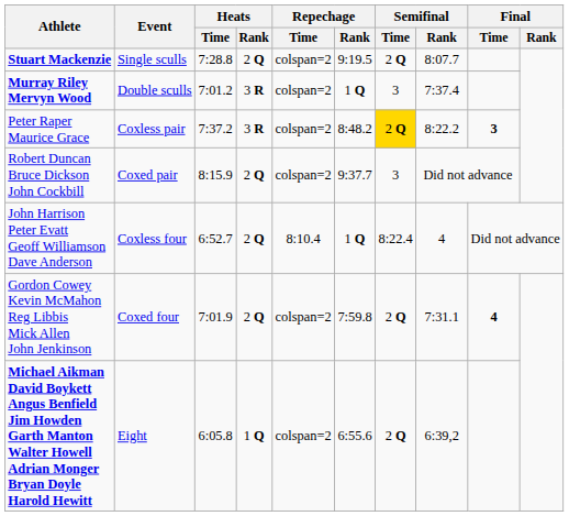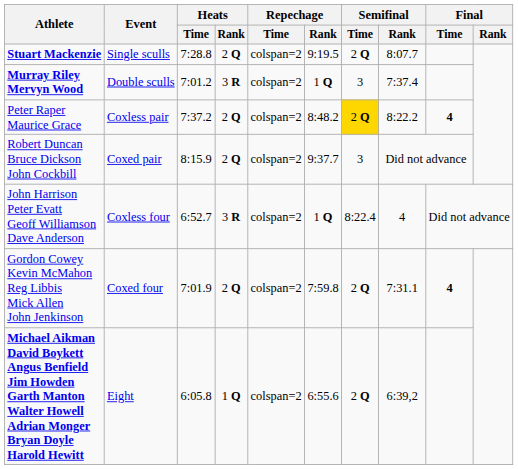 <table class="wikitable" style="font-size:90%">
 <tr>
 <th rowspan="2">Athlete</th>
 <th rowspan="2">Event</th>
 <th colspan="2">Heats</th>
 <th colspan="2">Repechage</th>
 <th colspan="2">Semifinal</th>
 <th colspan="2">Final</th>
 </tr>
 <tr style="font-size:95%">
 <th>Time</th>
 <th>Rank</th>
 <th>Time</th>
 <th>Rank</th>
 <th>Time</th>
 <th>Rank</th>
 <th>Time</th>
 <th>Rank</th>
 </tr>
 <tr align=center>
 <td align=left><strong><a href='#'>Stuart Mackenzie</a></strong></td>
 <td align=left><a href='#'>Single sculls</a></td>
 <td>7:28.8</td>
 <td>2 <strong>Q</strong></td>
 <td>colspan=2 </td>
 <td>9:19.5</td>
 <td>2 <strong>Q</strong></td>
 <td>8:07.7</td>
 <td></td>
 </tr>
 <tr align=center>
 <td align=left><strong><a href='#'>Murray Riley</a><br><a href='#'>Mervyn Wood</a></strong></td>
 <td align=left><a href='#'>Double sculls</a></td>
 <td>7:01.2</td>
 <td>3 <strong>R</strong></td>
 <td>colspan=2 </td>
 <td>1 <strong>Q</strong></td>
 <td>3</td>
 <td>7:37.4</td>
 <td></td>
 </tr>
 <tr align=center>
 <td align=left><a href='#'>Peter Raper</a><br><a href='#'>Maurice Grace</a></td>
 <td align=left><a href='#'>Coxless pair</a></td>
 <td>7:37.2</td>
-<td>3 <strong>R</strong></td>
+<td>2 <strong>Q</strong></td>
 <td>colspan=2 </td>
 <td>8:48.2</td>
 <td style="background: gold;">2 <strong>Q</strong></td>
 <td>8:22.2</td>
-<td><strong>3</strong></td>
+<td><strong>4</strong></td>
 </tr>
 <tr align=center>
 <td align=left><a href='#'>Robert Duncan</a><br><a href='#'>Bruce Dickson</a><br><a href='#'>John Cockbill</a></td>
 <td align=left><a href='#'>Coxed pair</a></td>
 <td>8:15.9</td>
 <td>2 <strong>Q</strong></td>
 <td>colspan=2 </td>
 <td>9:37.7</td>
 <td>3</td>
 <td colspan=2>Did not advance</td>
 </tr>
 <tr align=center>
 <td align=left><a href='#'>John Harrison</a><br><a href='#'>Peter Evatt</a><br><a href='#'>Geoff Williamson</a><br><a href='#'>Dave Anderson</a></td>
 <td align=left><a href='#'>Coxless four</a></td>
 <td>6:52.7</td>
-<td>2 <strong>Q</strong></td>
-<td>8:10.4</td>
+<td>3 <strong>R</strong></td>
+<td>colspan=2 </td>
 <td>1 <strong>Q</strong></td>
 <td>8:22.4</td>
 <td>4</td>
 <td colspan=2>Did not advance</td>
 </tr>
 <tr align=center>
 <td align=left><a href='#'>Gordon Cowey</a><br><a href='#'>Kevin McMahon</a><br><a href='#'>Reg Libbis</a><br><a href='#'>Mick Allen</a><br><a href='#'>John Jenkinson</a></td>
 <td align=left><a href='#'>Coxed four</a></td>
 <td>7:01.9</td>
 <td>2 <strong>Q</strong></td>
 <td>colspan=2 </td>
 <td>7:59.8</td>
 <td>2 <strong>Q</strong></td>
 <td>7:31.1</td>
 <td><strong>4</strong></td>
 </tr>
 <tr align=center>
 <td align=left><strong><a href='#'>Michael Aikman</a><br><a href='#'>David Boykett</a><br><a href='#'>Angus Benfield</a><br><a href='#'>Jim Howden</a><br><a href='#'>Garth Manton</a><br><a href='#'>Walter Howell</a><br><a href='#'>Adrian Monger</a><br><a href='#'>Bryan Doyle</a><br><a href='#'>Harold Hewitt</a></strong></td>
 <td align=left><a href='#'>Eight</a></td>
 <td>6:05.8</td>
 <td>1 <strong>Q</strong></td>
 <td>colspan=2 </td>
 <td>6:55.6</td>
 <td>2 <strong>Q</strong></td>
 <td>6:39,2</td>
 <td></td>
 </tr>
 </table>
